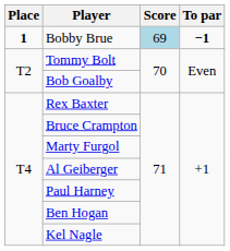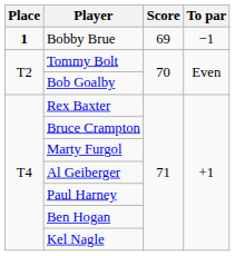 <table class=wikitable>
 <tr>
 <th>Place</th>
 <th>Player</th>
 <th>Score</th>
 <th>To par</th>
 </tr>
 <tr>
 <td align=center><strong>1</strong></td>
 <td> Bobby Brue</td>
-<td align=center style="background: lightblue;">69</td>
-<td align=center><strong>−1</strong></td>
+<td align=center>69</td>
+<td align=center>−1</td>
 </tr>
 <tr>
 <td rowspan=2 align=center>T2</td>
 <td> <a href='#'>Tommy Bolt</a></td>
 <td rowspan=2 align=center>70</td>
 <td rowspan=2 align=center>Even</td>
 </tr>
 <tr>
 <td> <a href='#'>Bob Goalby</a></td>
 </tr>
 <tr>
 <td rowspan=7 align=center>T4</td>
 <td> <a href='#'>Rex Baxter</a></td>
 <td rowspan=7 align=center>71</td>
 <td rowspan=7 align=center>+1</td>
 </tr>
 <tr>
 <td> <a href='#'>Bruce Crampton</a></td>
 </tr>
 <tr>
 <td> <a href='#'>Marty Furgol</a></td>
 </tr>
 <tr>
 <td> <a href='#'>Al Geiberger</a></td>
 </tr>
 <tr>
 <td> <a href='#'>Paul Harney</a></td>
 </tr>
 <tr>
 <td> <a href='#'>Ben Hogan</a></td>
 </tr>
 <tr>
 <td> <a href='#'>Kel Nagle</a></td>
 </tr>
 </table>
